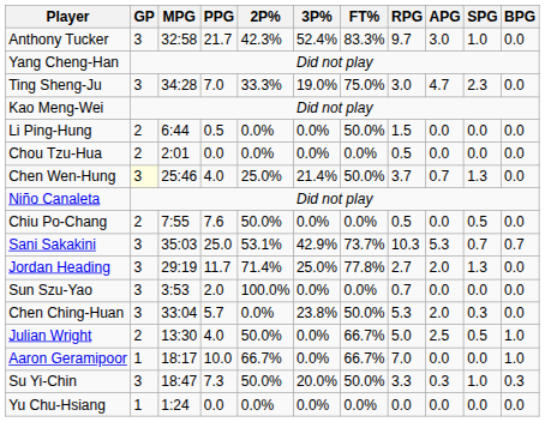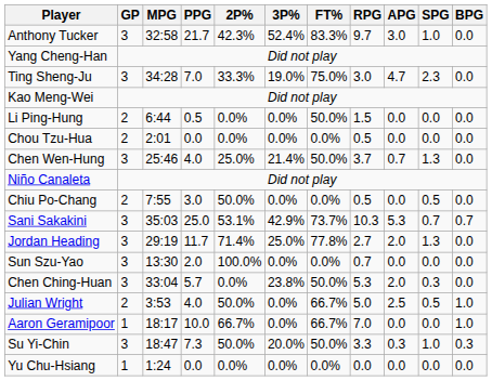 <table class="wikitable">
 <tr>
 <th>Player</th>
 <th>GP</th>
 <th>MPG</th>
 <th>PPG</th>
 <th>2P%</th>
 <th>3P%</th>
 <th>FT%</th>
 <th>RPG</th>
 <th>APG</th>
 <th>SPG</th>
 <th>BPG</th>
 </tr>
 <tr>
 <td>Anthony Tucker</td>
 <td>3</td>
 <td>32:58</td>
 <td>21.7</td>
 <td>42.3%</td>
 <td>52.4%</td>
 <td>83.3%</td>
 <td>9.7</td>
 <td>3.0</td>
 <td>1.0</td>
 <td>0.0</td>
 </tr>
 <tr>
 <td>Yang Cheng-Han</td>
 <td colspan=10 align=center><em>Did not play</em></td>
 </tr>
 <tr>
 <td>Ting Sheng-Ju</td>
 <td>3</td>
 <td>34:28</td>
 <td>7.0</td>
 <td>33.3%</td>
 <td>19.0%</td>
 <td>75.0%</td>
 <td>3.0</td>
 <td>4.7</td>
 <td>2.3</td>
 <td>0.0</td>
 </tr>
 <tr>
 <td>Kao Meng-Wei</td>
 <td colspan=10 align=center><em>Did not play</em></td>
 </tr>
 <tr>
 <td>Li Ping-Hung</td>
 <td>2</td>
 <td>6:44</td>
 <td>0.5</td>
 <td>0.0%</td>
 <td>0.0%</td>
 <td>50.0%</td>
 <td>1.5</td>
 <td>0.0</td>
 <td>0.0</td>
 <td>0.0</td>
 </tr>
 <tr>
 <td>Chou Tzu-Hua</td>
 <td>2</td>
 <td>2:01</td>
 <td>0.0</td>
 <td>0.0%</td>
 <td>0.0%</td>
 <td>0.0%</td>
 <td>0.5</td>
 <td>0.0</td>
 <td>0.0</td>
 <td>0.0</td>
 </tr>
 <tr>
 <td>Chen Wen-Hung</td>
-<td style="background: lightyellow;">3</td>
+<td>3</td>
 <td>25:46</td>
 <td>4.0</td>
 <td>25.0%</td>
 <td>21.4%</td>
 <td>50.0%</td>
 <td>3.7</td>
 <td>0.7</td>
 <td>1.3</td>
 <td>0.0</td>
 </tr>
 <tr>
 <td><a href='#'>Niño Canaleta</a></td>
 <td colspan=10 align=center><em>Did not play</em></td>
 </tr>
 <tr>
 <td>Chiu Po-Chang</td>
 <td>2</td>
 <td>7:55</td>
-<td>7.6</td>
+<td>3.0</td>
 <td>50.0%</td>
 <td>0.0%</td>
 <td>0.0%</td>
 <td>0.5</td>
 <td>0.0</td>
 <td>0.5</td>
 <td>0.0</td>
 </tr>
 <tr>
 <td><a href='#'>Sani Sakakini</a></td>
 <td>3</td>
 <td>35:03</td>
 <td>25.0</td>
 <td>53.1%</td>
 <td>42.9%</td>
 <td>73.7%</td>
 <td>10.3</td>
 <td>5.3</td>
 <td>0.7</td>
 <td>0.7</td>
 </tr>
 <tr>
 <td><a href='#'>Jordan Heading</a></td>
 <td>3</td>
 <td>29:19</td>
 <td>11.7</td>
 <td>71.4%</td>
 <td>25.0%</td>
 <td>77.8%</td>
 <td>2.7</td>
 <td>2.0</td>
 <td>1.3</td>
 <td>0.0</td>
 </tr>
 <tr>
 <td>Sun Szu-Yao</td>
 <td>3</td>
-<td>3:53</td>
+<td>13:30</td>
 <td>2.0</td>
 <td>100.0%</td>
 <td>0.0%</td>
 <td>0.0%</td>
 <td>0.7</td>
 <td>0.0</td>
 <td>0.0</td>
 <td>0.0</td>
 </tr>
 <tr>
 <td>Chen Ching-Huan</td>
 <td>3</td>
 <td>33:04</td>
 <td>5.7</td>
 <td>0.0%</td>
 <td>23.8%</td>
 <td>50.0%</td>
 <td>5.3</td>
 <td>2.0</td>
 <td>0.3</td>
 <td>0.0</td>
 </tr>
 <tr>
 <td><a href='#'>Julian Wright</a></td>
 <td>2</td>
-<td>13:30</td>
+<td>3:53</td>
 <td>4.0</td>
 <td>50.0%</td>
 <td>0.0%</td>
 <td>66.7%</td>
 <td>5.0</td>
 <td>2.5</td>
 <td>0.5</td>
 <td>1.0</td>
 </tr>
 <tr>
 <td><a href='#'>Aaron Geramipoor</a></td>
 <td>1</td>
 <td>18:17</td>
 <td>10.0</td>
 <td>66.7%</td>
 <td>0.0%</td>
 <td>66.7%</td>
 <td>7.0</td>
 <td>0.0</td>
 <td>0.0</td>
 <td>1.0</td>
 </tr>
 <tr>
 <td>Su Yi-Chin</td>
 <td>3</td>
 <td>18:47</td>
 <td>7.3</td>
 <td>50.0%</td>
 <td>20.0%</td>
 <td>50.0%</td>
 <td>3.3</td>
 <td>0.3</td>
 <td>1.0</td>
 <td>0.3</td>
 </tr>
 <tr>
 <td>Yu Chu-Hsiang</td>
 <td>1</td>
 <td>1:24</td>
 <td>0.0</td>
 <td>0.0%</td>
 <td>0.0%</td>
 <td>0.0%</td>
 <td>0.0</td>
 <td>0.0</td>
 <td>0.0</td>
 <td>0.0</td>
 </tr>
 </table>
